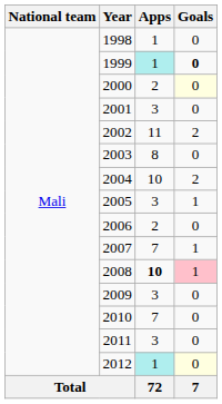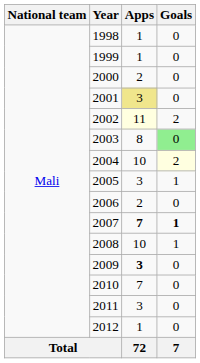 <table class="wikitable" style="text-align:center">
 <tr>
 <th>National team</th>
 <th>Year</th>
 <th>Apps</th>
 <th>Goals</th>
 </tr>
 <tr>
 <td rowspan="15"><a href='#'>Mali</a></td>
 <td>1998</td>
 <td>1</td>
 <td>0</td>
 </tr>
 <tr>
 <td>1999</td>
-<td style="background: paleturquoise;">1</td>
-<td><strong>0</strong></td>
+<td>1</td>
+<td>0</td>
 </tr>
 <tr>
 <td>2000</td>
 <td>2</td>
-<td style="background: lightyellow;">0</td>
+<td>0</td>
 </tr>
 <tr>
 <td>2001</td>
-<td>3</td>
+<td style="background: khaki;">3</td>
 <td>0</td>
 </tr>
 <tr>
 <td>2002</td>
-<td>11</td>
+<td style="background: lightyellow;">11</td>
 <td>2</td>
 </tr>
 <tr>
 <td>2003</td>
 <td>8</td>
-<td>0</td>
+<td style="background: lightgreen;">0</td>
 </tr>
 <tr>
 <td>2004</td>
 <td>10</td>
-<td>2</td>
+<td style="background: lightyellow;">2</td>
 </tr>
 <tr>
 <td>2005</td>
 <td>3</td>
 <td>1</td>
 </tr>
 <tr>
 <td>2006</td>
 <td>2</td>
 <td>0</td>
 </tr>
 <tr>
 <td>2007</td>
-<td>7</td>
+<td><strong>7</strong></td>
+<td><strong>1</strong></td>
+</tr>
+<tr>
+<td>2008</td>
+<td>10</td>
 <td>1</td>
 </tr>
 <tr>
-<td>2008</td>
-<td><strong>10</strong></td>
-<td style="background: pink;">1</td>
-</tr>
-<tr>
 <td>2009</td>
-<td>3</td>
+<td><strong>3</strong></td>
 <td>0</td>
 </tr>
 <tr>
 <td>2010</td>
 <td>7</td>
 <td>0</td>
 </tr>
 <tr>
 <td>2011</td>
 <td>3</td>
 <td>0</td>
 </tr>
 <tr>
 <td>2012</td>
-<td style="background: paleturquoise;">1</td>
-<td style="background: lightyellow;">0</td>
+<td>1</td>
+<td>0</td>
 </tr>
 <tr>
 <th colspan="2">Total</th>
 <th>72</th>
 <th>7</th>
 </tr>
 </table>
